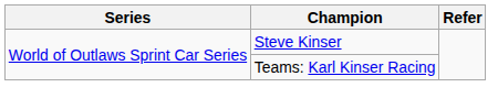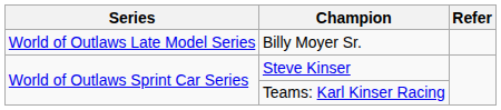 <table class="wikitable" style="font-size:87%;">
 <tr>
 <th>Series</th>
 <th>Champion</th>
 <th>Refer</th>
+</tr>
+<tr>
+<td><a href='#'>World of Outlaws Late Model Series</a></td>
+<td> Billy Moyer Sr.</td>
+<td></td>
 </tr>
 <tr>
 <td rowspan=2><a href='#'>World of Outlaws Sprint Car Series</a></td>
 <td> <a href='#'>Steve Kinser</a></td>
 <td rowspan=2></td>
 </tr>
 <tr>
 <td>Teams:  <a href='#'>Karl Kinser Racing</a></td>
 </tr>
 <tr>
 </tr>
 </table>
